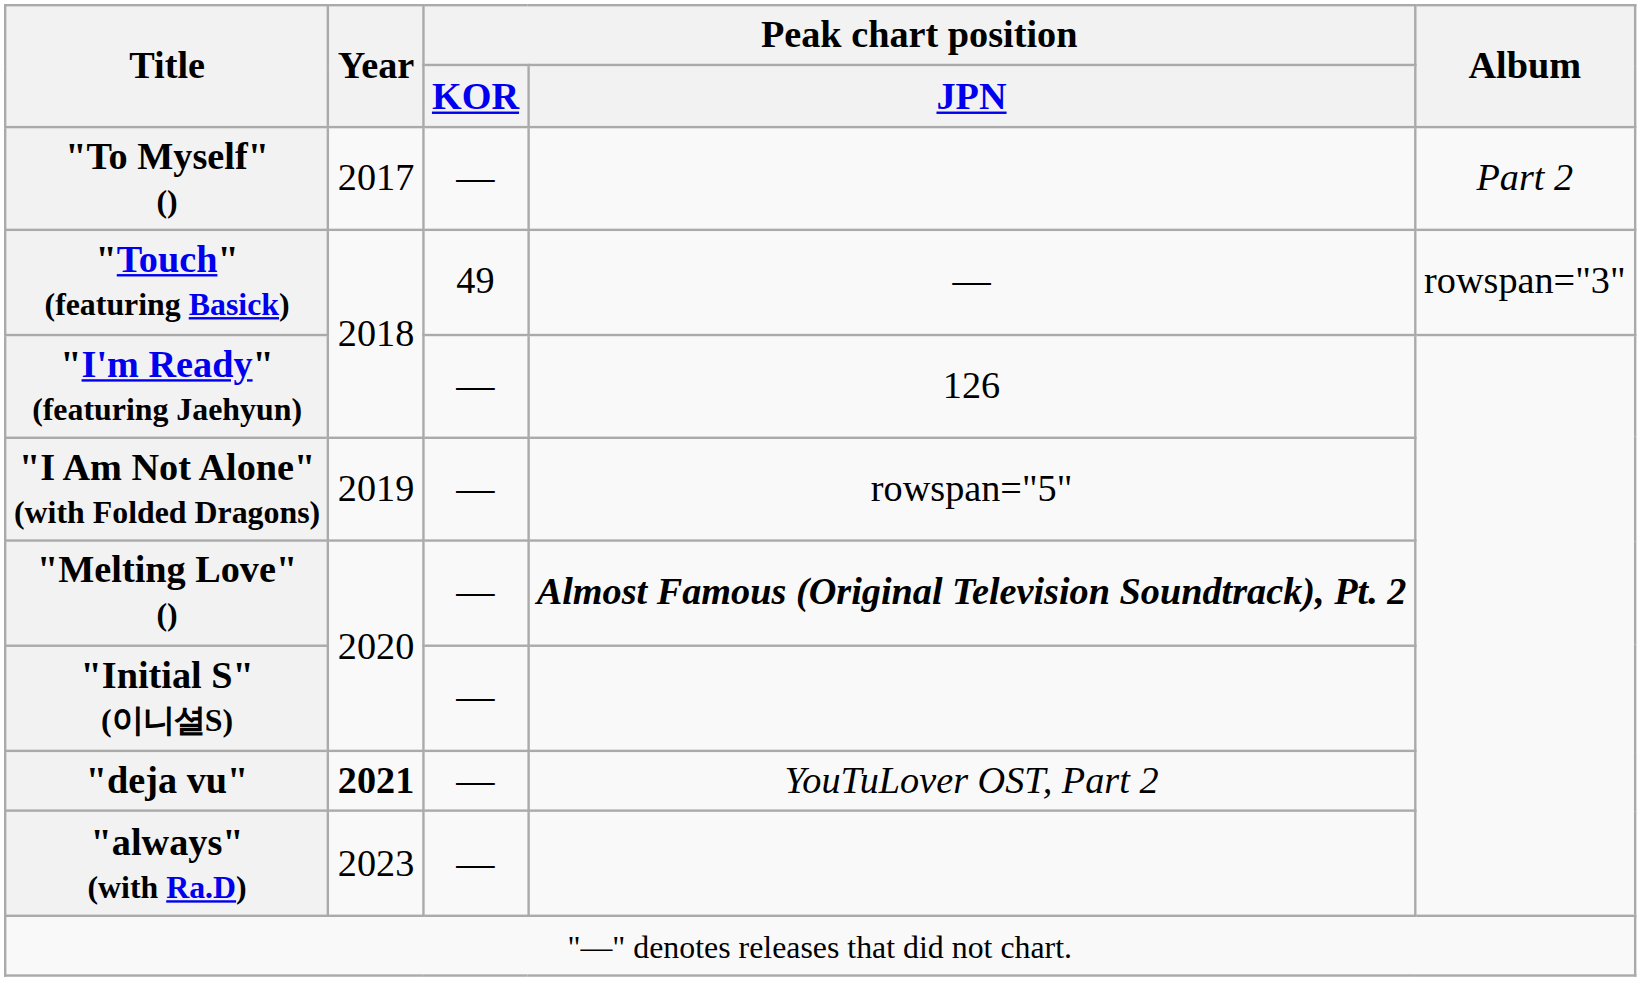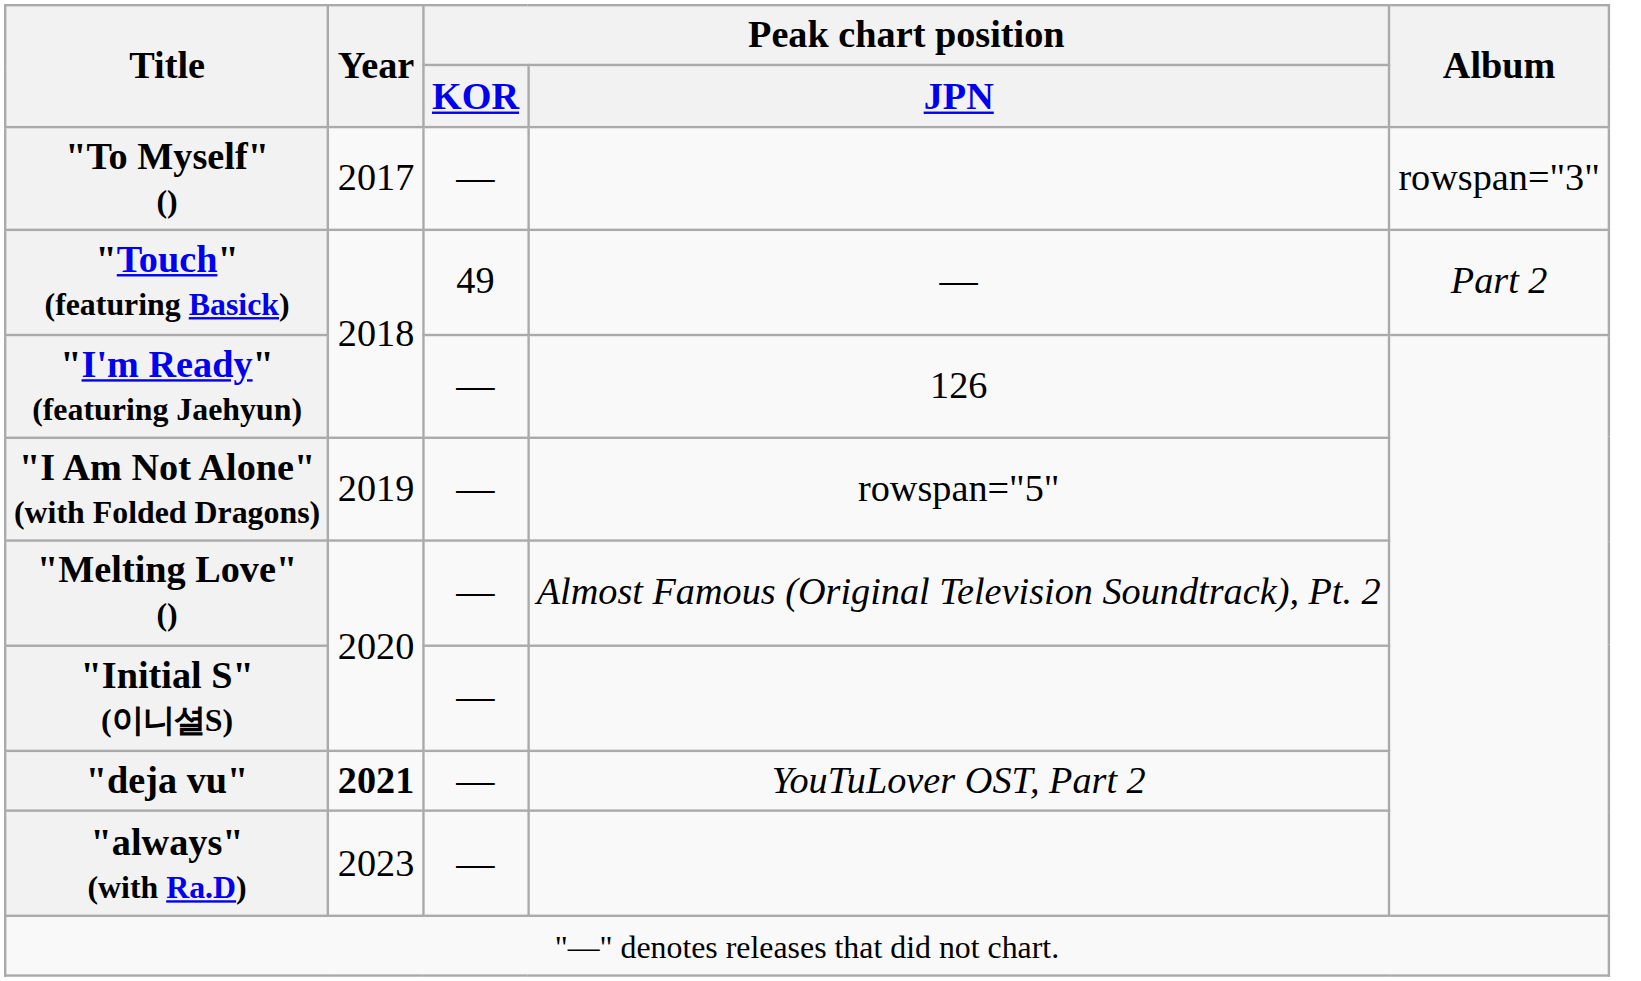 <table class="wikitable plainrowheaders" style="text-align:center" border="1">
 <tr>
 <th rowspan="2" scope="col">Title</th>
 <th rowspan="2" scope="col">Year</th>
 <th colspan="2" scope="col">Peak chart position</th>
 <th rowspan="2" scope="col">Album</th>
 </tr>
 <tr>
 <th><a href='#'>KOR</a><br></th>
 <th><a href='#'>JPN</a><br></th>
 </tr>
 <tr>
 <th scope="row">"To Myself"<br><small>()</small></th>
 <td>2017</td>
 <td>—</td>
 <td></td>
-<td><em>Part 2</em></td>
+<td>rowspan="3" </td>
 </tr>
 <tr>
 <th scope="row">"<a href='#'>Touch</a>"<br><small>(featuring <a href='#'>Basick</a>)</small></th>
 <td rowspan="2">2018</td>
 <td>49</td>
 <td>—</td>
-<td>rowspan="3" </td>
+<td><em>Part 2</em></td>
 </tr>
 <tr>
 <th scope="row">"<a href='#'>I'm Ready</a>"<br><small>(featuring Jaehyun)</small></th>
 <td>—</td>
 <td>126</td>
 </tr>
 <tr>
 <th scope="row">"I Am Not Alone"<br><small>(with Folded Dragons)</small></th>
 <td>2019</td>
 <td>—</td>
 <td>rowspan="5" </td>
 </tr>
 <tr>
 <th scope="row">"Melting Love"<br><small>()</small></th>
 <td rowspan="2">2020</td>
 <td>—</td>
-<td><strong><em>Almost Famous (Original Television Soundtrack), Pt. 2</em></strong></td>
+<td><em>Almost Famous (Original Television Soundtrack), Pt. 2</em></td>
 </tr>
 <tr>
 <th scope="row">"Initial S"<br><small>(이니셜S)</small></th>
 <td>—</td>
 <td></td>
 </tr>
 <tr>
 <th scope="row">"deja vu"</th>
 <td><strong>2021</strong></td>
 <td>—</td>
 <td><em>YouTuLover OST, Part 2</em></td>
 </tr>
 <tr>
 <th scope="row">"always"<br><small>(with <a href='#'>Ra.D</a>)</small></th>
 <td>2023</td>
 <td>—</td>
 <td></td>
 </tr>
 <tr>
 <td colspan="6" align="center"><small>"—" denotes releases that did not chart.</small></td>
 </tr>
 </table>
